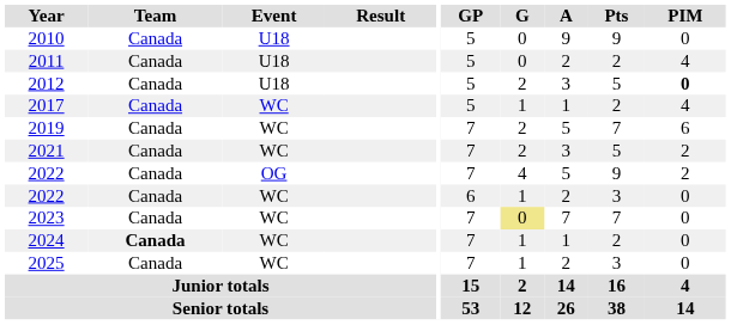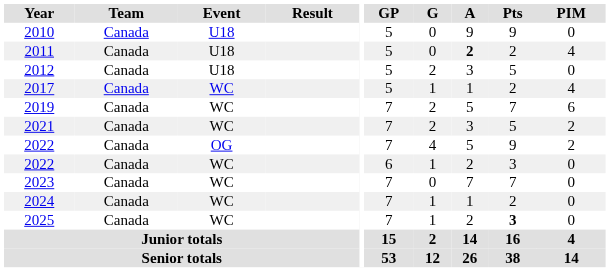 <table border="0" cellpadding="1" cellspacing="0" ID="Table3" style="text-align:center; width:40em">
 <tr ALIGN="center" bgcolor="#e0e0e0">
 <th>Year</th>
 <th>Team</th>
 <th>Event</th>
 <th>Result</th>
 <th rowspan="99" bgcolor="#ffffff"></th>
 <th>GP</th>
 <th>G</th>
 <th>A</th>
 <th>Pts</th>
 <th>PIM</th>
 </tr>
 <tr>
 <td><a href='#'>2010</a></td>
 <td><a href='#'>Canada</a></td>
 <td><a href='#'>U18</a></td>
 <td></td>
 <td>5</td>
 <td>0</td>
 <td>9</td>
 <td>9</td>
 <td>0</td>
 </tr>
 <tr bgcolor="#f0f0f0">
 <td><a href='#'>2011</a></td>
 <td>Canada</td>
 <td>U18</td>
 <td></td>
 <td>5</td>
 <td>0</td>
-<td>2</td>
+<td><strong>2</strong></td>
 <td>2</td>
 <td>4</td>
 </tr>
 <tr>
 <td><a href='#'>2012</a></td>
 <td>Canada</td>
 <td>U18</td>
 <td></td>
 <td>5</td>
 <td>2</td>
 <td>3</td>
 <td>5</td>
-<td><strong>0</strong></td>
+<td>0</td>
 </tr>
 <tr bgcolor="#f0f0f0">
 <td><a href='#'>2017</a></td>
 <td><a href='#'>Canada</a></td>
 <td><a href='#'>WC</a></td>
 <td></td>
 <td>5</td>
 <td>1</td>
 <td>1</td>
 <td>2</td>
 <td>4</td>
 </tr>
 <tr>
 <td><a href='#'>2019</a></td>
 <td>Canada</td>
 <td>WC</td>
 <td></td>
 <td>7</td>
 <td>2</td>
 <td>5</td>
 <td>7</td>
 <td>6</td>
 </tr>
 <tr bgcolor="#f0f0f0">
 <td><a href='#'>2021</a></td>
 <td>Canada</td>
 <td>WC</td>
 <td></td>
 <td>7</td>
 <td>2</td>
 <td>3</td>
 <td>5</td>
 <td>2</td>
 </tr>
 <tr>
 <td><a href='#'>2022</a></td>
 <td>Canada</td>
 <td><a href='#'>OG</a></td>
 <td></td>
 <td>7</td>
 <td>4</td>
 <td>5</td>
 <td>9</td>
 <td>2</td>
 </tr>
 <tr bgcolor="#f0f0f0">
 <td><a href='#'>2022</a></td>
 <td>Canada</td>
 <td>WC</td>
 <td></td>
 <td>6</td>
 <td>1</td>
 <td>2</td>
 <td>3</td>
 <td>0</td>
 </tr>
 <tr>
 <td><a href='#'>2023</a></td>
 <td>Canada</td>
 <td>WC</td>
 <td></td>
 <td>7</td>
-<td style="background: khaki;">0</td>
+<td>0</td>
 <td>7</td>
 <td>7</td>
 <td>0</td>
 </tr>
 <tr bgcolor="#f0f0f0">
 <td><a href='#'>2024</a></td>
-<td><strong>Canada</strong></td>
+<td>Canada</td>
 <td>WC</td>
 <td></td>
 <td>7</td>
 <td>1</td>
 <td>1</td>
 <td>2</td>
 <td>0</td>
 </tr>
 <tr>
 <td><a href='#'>2025</a></td>
 <td>Canada</td>
 <td>WC</td>
 <td></td>
 <td>7</td>
 <td>1</td>
 <td>2</td>
-<td>3</td>
+<td><strong>3</strong></td>
 <td>0</td>
 </tr>
 <tr bgcolor="#e0e0e0">
 <th colspan="4">Junior totals</th>
 <th>15</th>
 <th>2</th>
 <th>14</th>
 <th>16</th>
 <th>4</th>
 </tr>
 <tr bgcolor="#e0e0e0">
 <th colspan="4">Senior totals</th>
 <th>53</th>
 <th>12</th>
 <th>26</th>
 <th>38</th>
 <th>14</th>
 </tr>
 </table>
